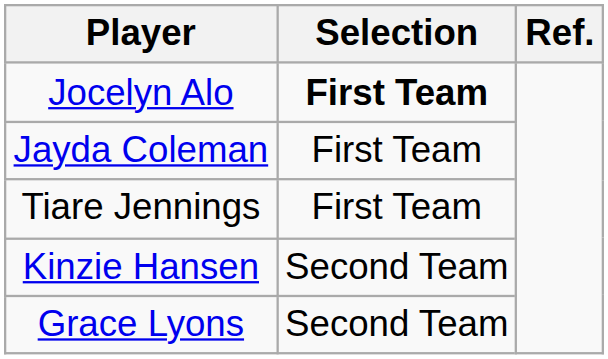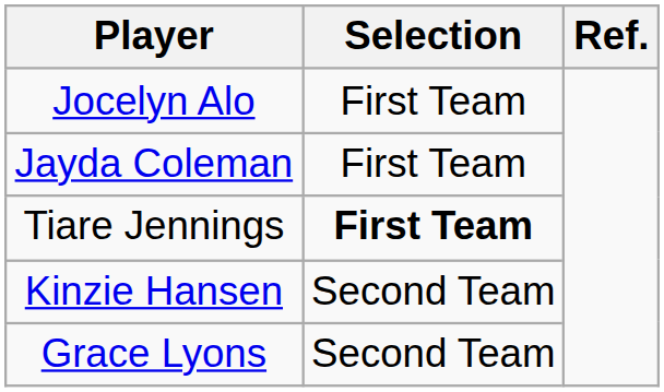 <table class="wikitable sortable sortable" style="text-align: center">
 <tr align=center>
 <th>Player</th>
 <th>Selection</th>
 <th>Ref.</th>
 </tr>
 <tr>
 <td><a href='#'>Jocelyn Alo</a></td>
-<td><strong>First Team</strong></td>
+<td>First Team</td>
 <td rowspan="5"></td>
 </tr>
 <tr>
 <td><a href='#'>Jayda Coleman</a></td>
 <td>First Team</td>
 </tr>
 <tr>
 <td>Tiare Jennings</td>
-<td>First Team</td>
+<td><strong>First Team</strong></td>
 </tr>
 <tr>
 <td><a href='#'>Kinzie Hansen</a></td>
 <td>Second Team</td>
 </tr>
 <tr>
 <td><a href='#'>Grace Lyons</a></td>
 <td>Second Team</td>
 </tr>
 </table>
